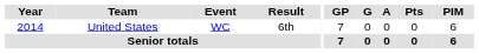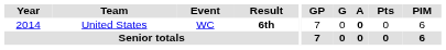 <table border="0" cellpadding="1" cellspacing="0" ID="Table3" style="text-align:center; width:40em">
 <tr ALIGN="center" bgcolor="#e0e0e0">
 <th>Year</th>
 <th>Team</th>
 <th>Event</th>
 <th>Result</th>
 <th rowspan="99" bgcolor="#ffffff"></th>
 <th>GP</th>
 <th>G</th>
 <th>A</th>
 <th>Pts</th>
 <th>PIM</th>
 </tr>
 <tr>
 <td><a href='#'>2014</a></td>
 <td><a href='#'>United States</a></td>
 <td><a href='#'>WC</a></td>
-<td>6th</td>
+<td><strong>6th</strong></td>
 <td>7</td>
 <td>0</td>
-<td>0</td>
+<td><strong>0</strong></td>
 <td>0</td>
 <td>6</td>
 </tr>
 <tr ALIGN="center" bgcolor="#e0e0e0">
 <th colspan=4>Senior totals</th>
 <th>7</th>
 <th>0</th>
 <th>0</th>
 <th>0</th>
 <th>6</th>
 </tr>
 </table>
